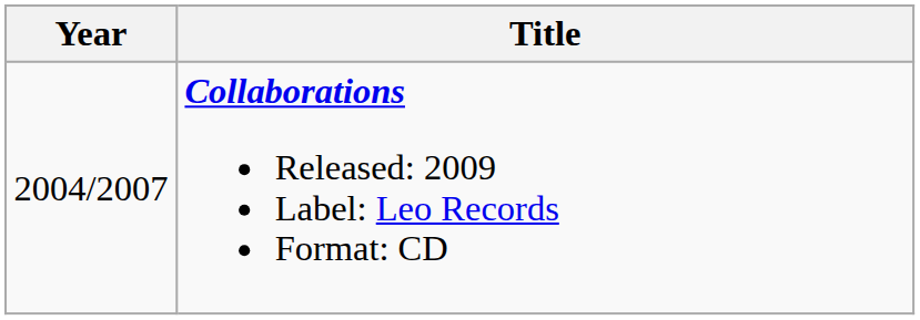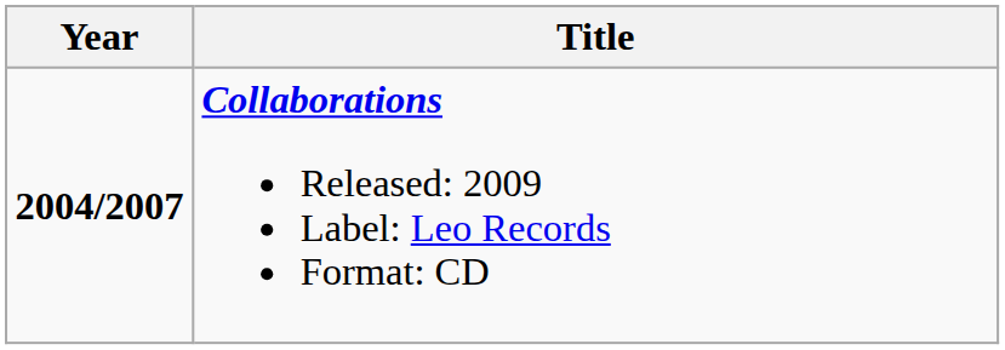 <table class="wikitable">
 <tr>
 <th>Year</th>
 <th style="width:225px;">Title</th>
 </tr>
 <tr>
-<td>2004/2007</td>
+<td><strong>2004/2007</strong></td>
 <td style="width:20em"><strong><em><a href='#'>Collaborations</a></em></strong><br><ul><li>Released: 2009</li><li>Label: <a href='#'>Leo Records</a> </li><li>Format: CD</li></ul></td>
 </tr>
 </table>
